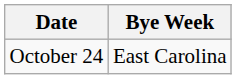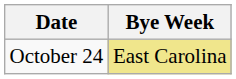 <table class="wikitable" style="font-size:95%;">
 <tr>
 <th>Date</th>
 <th colspan="1">Bye Week</th>
 </tr>
 <tr>
 <td>October 24</td>
-<td>East Carolina</td>
+<td style="background: khaki;">East Carolina</td>
 </tr>
 </table>
